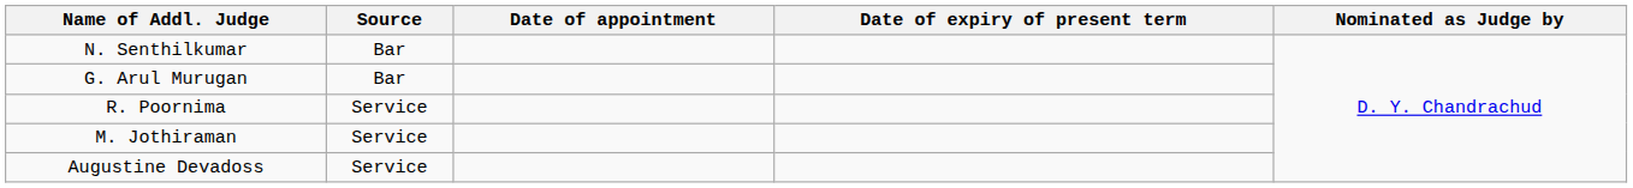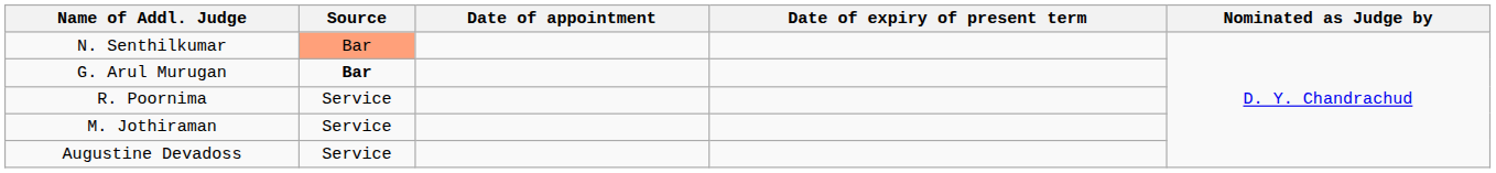 <table class="wikitable sortable static-row-numbers static-row-header" style="text-align:center" width="92%">
 <tr>
 <th>Name of Addl. Judge</th>
 <th>Source</th>
 <th>Date of appointment</th>
 <th>Date of expiry of present term</th>
 <th>Nominated as Judge by</th>
 </tr>
 <tr>
 <td>N. Senthilkumar</td>
-<td>Bar</td>
+<td style="background: lightsalmon;">Bar</td>
 <td></td>
 <td></td>
 <td rowspan="5"><a href='#'>D. Y. Chandrachud</a></td>
 </tr>
 <tr>
 <td>G. Arul Murugan</td>
-<td>Bar</td>
+<td><strong>Bar</strong></td>
 <td></td>
 <td></td>
 </tr>
 <tr>
 <td>R. Poornima</td>
 <td>Service</td>
 <td></td>
 <td></td>
 </tr>
 <tr>
 <td>M. Jothiraman</td>
 <td>Service</td>
 <td></td>
 <td></td>
 </tr>
 <tr>
 <td>Augustine Devadoss</td>
 <td>Service</td>
 <td></td>
 <td></td>
 </tr>
 </table>
